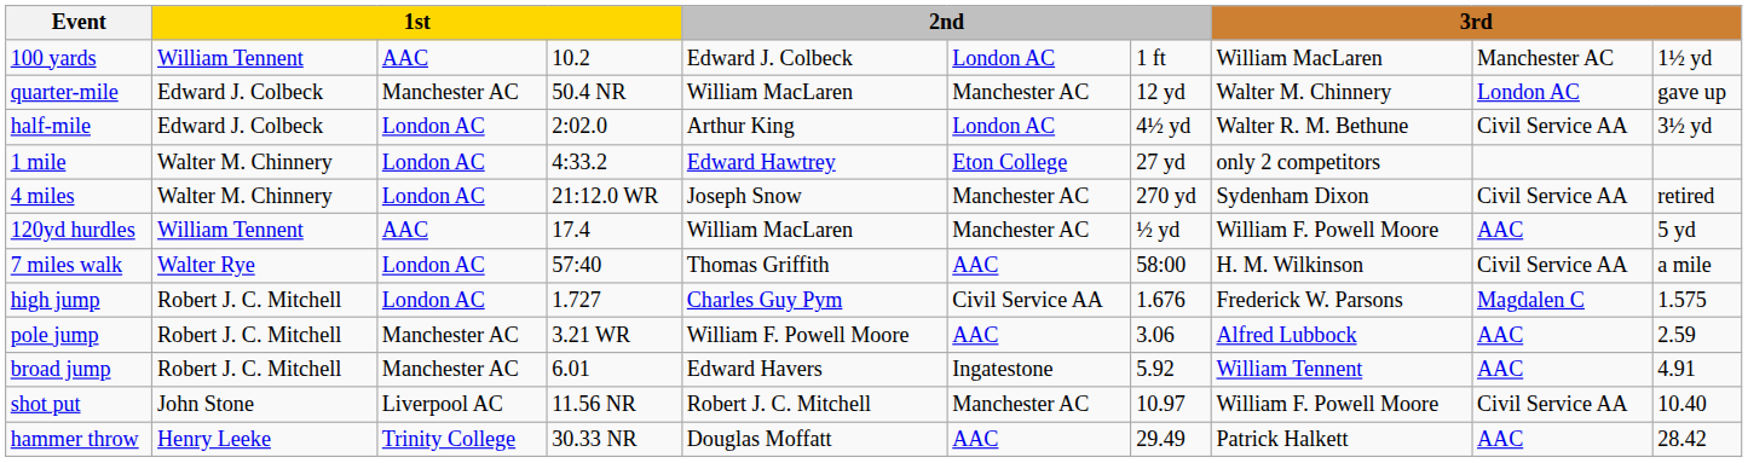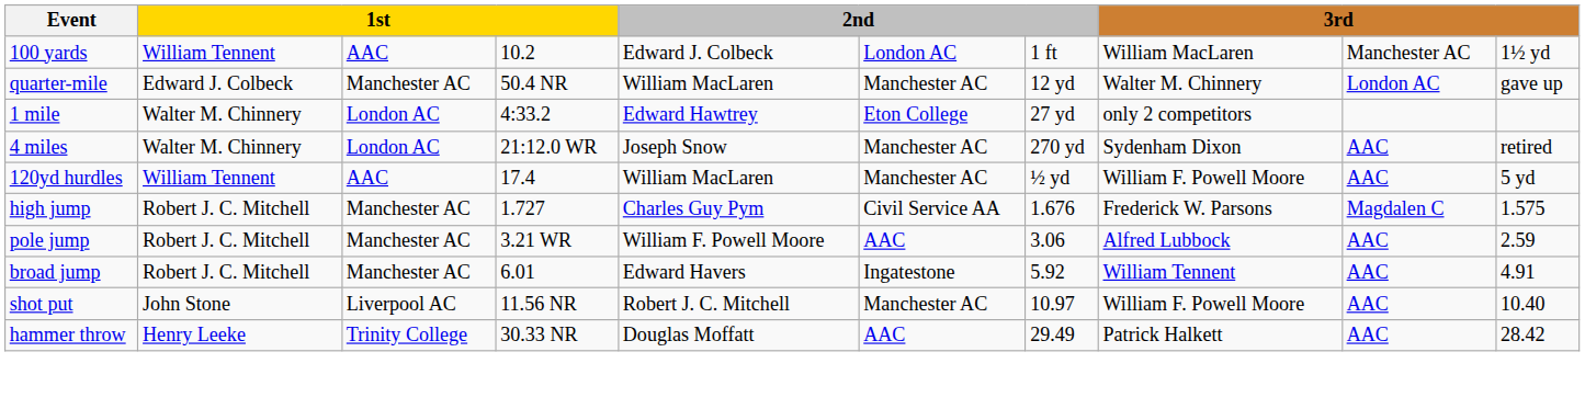 <table class="wikitable" style="text-align:left">
 <tr>
 <th width=100>Event</th>
 <th colspan="3" width="380" style="background:gold;">1st</th>
 <th colspan="3" width="380" style="background:silver;">2nd</th>
 <th colspan="3" width="380" style="background:#CD7F32;">3rd</th>
 </tr>
 <tr>
 <td><a href='#'>100 yards</a></td>
 <td><a href='#'>William Tennent</a></td>
 <td><a href='#'>AAC</a></td>
 <td>10.2</td>
 <td>Edward J. Colbeck</td>
 <td><a href='#'>London AC</a></td>
 <td>1 ft</td>
 <td>William MacLaren</td>
 <td>Manchester AC</td>
 <td>1½ yd</td>
 </tr>
 <tr>
 <td><a href='#'>quarter-mile</a></td>
 <td>Edward J. Colbeck</td>
 <td>Manchester AC</td>
 <td>50.4 NR</td>
 <td>William MacLaren</td>
 <td>Manchester AC</td>
 <td>12 yd</td>
 <td>Walter M. Chinnery</td>
 <td><a href='#'>London AC</a></td>
 <td>gave up</td>
 </tr>
 <tr>
-<td><a href='#'>half-mile</a></td>
-<td>Edward J. Colbeck</td>
-<td><a href='#'>London AC</a></td>
-<td>2:02.0</td>
-<td>Arthur King</td>
-<td><a href='#'>London AC</a></td>
-<td>4½ yd</td>
-<td>Walter R. M. Bethune</td>
-<td>Civil Service AA</td>
-<td>3½ yd</td>
-</tr>
-<tr>
 <td><a href='#'>1 mile</a></td>
 <td>Walter M. Chinnery</td>
 <td><a href='#'>London AC</a></td>
 <td>4:33.2</td>
 <td><a href='#'>Edward Hawtrey</a></td>
 <td><a href='#'>Eton College</a></td>
 <td>27 yd</td>
 <td>only 2 competitors</td>
 <td></td>
 <td></td>
 </tr>
 <tr>
 <td><a href='#'>4 miles</a></td>
 <td>Walter M. Chinnery</td>
 <td><a href='#'>London AC</a></td>
 <td>21:12.0 WR</td>
 <td>Joseph Snow</td>
 <td>Manchester AC</td>
 <td>270 yd</td>
 <td>Sydenham Dixon</td>
-<td>Civil Service AA</td>
+<td><a href='#'>AAC</a></td>
 <td>retired</td>
 </tr>
 <tr>
 <td><a href='#'>120yd hurdles</a></td>
 <td><a href='#'>William Tennent</a></td>
 <td><a href='#'>AAC</a></td>
 <td>17.4</td>
 <td>William MacLaren</td>
 <td>Manchester AC</td>
 <td>½ yd</td>
 <td>William F. Powell Moore</td>
 <td><a href='#'>AAC</a></td>
 <td>5 yd</td>
 </tr>
 <tr>
-<td><a href='#'>7 miles walk</a></td>
-<td><a href='#'>Walter Rye</a></td>
-<td><a href='#'>London AC</a></td>
-<td>57:40</td>
-<td>Thomas Griffith</td>
-<td><a href='#'>AAC</a></td>
-<td>58:00</td>
-<td>H. M. Wilkinson</td>
-<td>Civil Service AA</td>
-<td>a mile</td>
-</tr>
-<tr>
 <td><a href='#'>high jump</a></td>
 <td>Robert J. C. Mitchell</td>
-<td><a href='#'>London AC</a></td>
+<td>Manchester AC</td>
 <td>1.727</td>
 <td><a href='#'>Charles Guy Pym</a></td>
 <td>Civil Service AA</td>
 <td>1.676</td>
 <td>Frederick W. Parsons</td>
 <td><a href='#'>Magdalen C</a></td>
 <td>1.575</td>
 </tr>
 <tr>
 <td><a href='#'>pole jump</a></td>
 <td>Robert J. C. Mitchell</td>
 <td>Manchester AC</td>
 <td>3.21 WR</td>
 <td>William F. Powell Moore</td>
 <td><a href='#'>AAC</a></td>
 <td>3.06</td>
 <td><a href='#'>Alfred Lubbock</a></td>
 <td><a href='#'>AAC</a></td>
 <td>2.59</td>
 </tr>
 <tr>
 <td><a href='#'>broad jump</a></td>
 <td>Robert J. C. Mitchell</td>
 <td>Manchester AC</td>
 <td>6.01</td>
 <td>Edward Havers</td>
 <td>Ingatestone</td>
 <td>5.92</td>
 <td><a href='#'>William Tennent</a></td>
 <td><a href='#'>AAC</a></td>
 <td>4.91</td>
 </tr>
 <tr>
 <td><a href='#'>shot put</a></td>
 <td>John Stone</td>
 <td>Liverpool AC</td>
 <td>11.56 NR</td>
 <td>Robert J. C. Mitchell</td>
 <td>Manchester AC</td>
 <td>10.97</td>
 <td>William F. Powell Moore</td>
-<td>Civil Service AA</td>
+<td><a href='#'>AAC</a></td>
 <td>10.40</td>
 </tr>
 <tr>
 <td><a href='#'>hammer throw</a></td>
 <td><a href='#'>Henry Leeke</a></td>
 <td><a href='#'>Trinity College</a></td>
 <td>30.33 NR</td>
 <td>Douglas Moffatt</td>
 <td><a href='#'>AAC</a></td>
 <td>29.49</td>
 <td>Patrick Halkett</td>
 <td><a href='#'>AAC</a></td>
 <td>28.42</td>
 </tr>
 </table>
